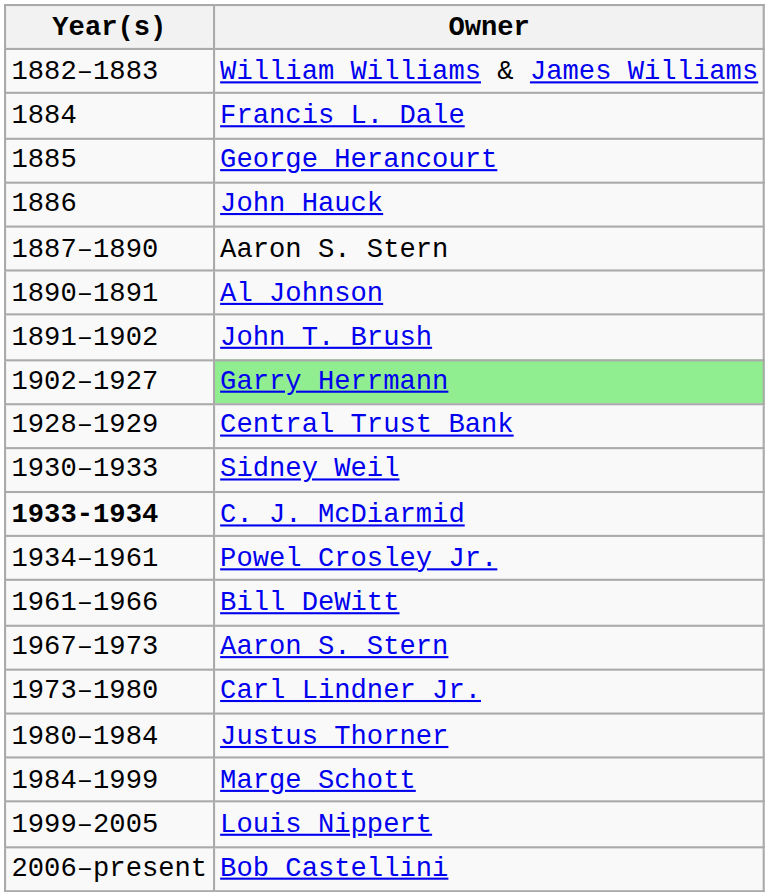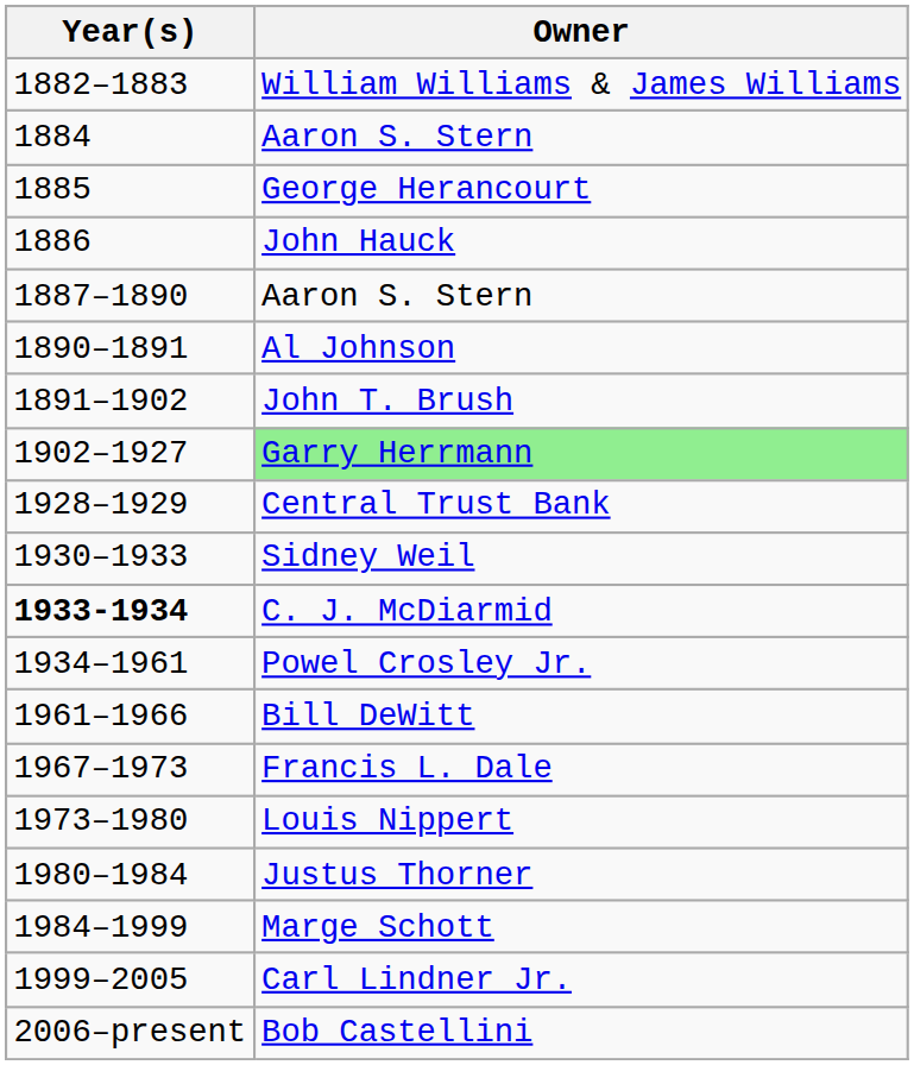 <table class="wikitable" style="text-align:left;">
 <tr>
 <th>Year(s)</th>
 <th>Owner</th>
 </tr>
 <tr>
 <td>1882–1883</td>
 <td><a href='#'>William Williams</a> & <a href='#'>James Williams</a></td>
 </tr>
 <tr>
 <td>1884</td>
-<td><a href='#'>Francis L. Dale</a></td>
+<td><a href='#'>Aaron S. Stern</a></td>
 </tr>
 <tr>
 <td>1885</td>
 <td><a href='#'>George Herancourt</a></td>
 </tr>
 <tr>
 <td>1886</td>
 <td><a href='#'>John Hauck</a></td>
 </tr>
 <tr>
 <td>1887–1890</td>
 <td>Aaron S. Stern</td>
 </tr>
 <tr>
 <td>1890–1891 </td>
 <td><a href='#'>Al Johnson</a></td>
 </tr>
 <tr>
 <td>1891–1902</td>
 <td><a href='#'>John T. Brush</a></td>
 </tr>
 <tr>
 <td>1902–1927</td>
 <td style="background: lightgreen;"><a href='#'>Garry Herrmann</a></td>
 </tr>
 <tr>
 <td>1928–1929</td>
 <td><a href='#'>Central Trust Bank</a></td>
 </tr>
 <tr>
 <td>1930–1933</td>
 <td><a href='#'>Sidney Weil</a></td>
 </tr>
 <tr>
 <td><strong>1933-1934 </strong></td>
 <td><a href='#'>C. J. McDiarmid</a></td>
 </tr>
 <tr>
 <td>1934–1961</td>
 <td><a href='#'>Powel Crosley Jr.</a></td>
 </tr>
 <tr>
 <td>1961–1966</td>
 <td><a href='#'>Bill DeWitt</a></td>
 </tr>
 <tr>
 <td>1967–1973</td>
-<td><a href='#'>Aaron S. Stern</a></td>
+<td><a href='#'>Francis L. Dale</a></td>
 </tr>
 <tr>
 <td>1973–1980</td>
-<td><a href='#'>Carl Lindner Jr.</a></td>
+<td><a href='#'>Louis Nippert</a></td>
 </tr>
 <tr>
 <td>1980–1984</td>
 <td><a href='#'>Justus Thorner</a></td>
 </tr>
 <tr>
 <td>1984–1999</td>
 <td><a href='#'>Marge Schott</a></td>
 </tr>
 <tr>
 <td>1999–2005</td>
-<td><a href='#'>Louis Nippert</a></td>
+<td><a href='#'>Carl Lindner Jr.</a></td>
 </tr>
 <tr>
 <td>2006–present</td>
 <td><a href='#'>Bob Castellini</a></td>
 </tr>
 </table>
